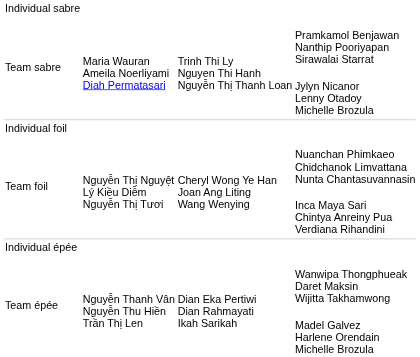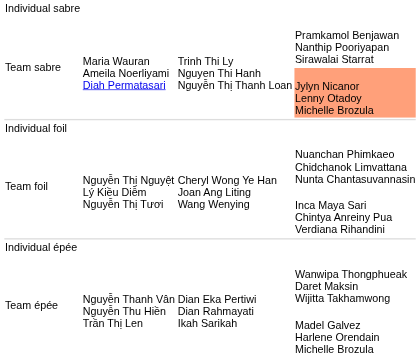 <table>
 <tr>
 <td rowspan=2>Individual sabre</td>
 <td rowspan=2 nowrap=true></td>
 <td rowspan=2></td>
 <td></td>
 </tr>
 <tr>
 <td></td>
 </tr>
 <tr>
 <td rowspan=2>Team sabre</td>
 <td rowspan=2><br>Maria Wauran<br>Ameila Noerliyami<br><a href='#'>Diah Permatasari</a></td>
 <td rowspan=2 nowrap=true><br>Trinh Thi Ly<br>Nguyen Thi Hanh<br>Nguyễn Thị Thanh Loan</td>
 <td><br>Pramkamol Benjawan<br>Nanthip Pooriyapan<br>Sirawalai Starrat</td>
 </tr>
 <tr>
-<td><br>Jylyn Nicanor<br>Lenny Otadoy<br>Michelle Brozula</td>
+<td style="background: lightsalmon;"><br>Jylyn Nicanor<br>Lenny Otadoy<br>Michelle Brozula</td>
 </tr>
 <tr bgcolor=#DDDDDD>
 <td colspan=4></td>
 </tr>
 <tr>
 <td rowspan=2>Individual foil</td>
 <td rowspan=2></td>
 <td rowspan=2></td>
 <td></td>
 </tr>
 <tr>
 <td></td>
 </tr>
 <tr>
 <td rowspan=2>Team foil</td>
 <td rowspan=2><br>Nguyễn Thị Nguyệt<br>Lý Kiều Diễm<br>Nguyễn Thị Tươi</td>
 <td rowspan=2><br>Cheryl Wong Ye Han<br>Joan Ang Liting<br>Wang Wenying</td>
 <td nowrap=true><br>Nuanchan Phimkaeo<br>Chidchanok Limvattana<br>Nunta Chantasuvannasin</td>
 </tr>
 <tr>
 <td><br>Inca Maya Sari<br>Chintya Anreiny Pua<br>Verdiana Rihandini</td>
 </tr>
 <tr bgcolor=#DDDDDD>
 <td colspan=4></td>
 </tr>
 <tr>
 <td rowspan=2>Individual épée</td>
 <td rowspan=2></td>
 <td rowspan=2></td>
 <td></td>
 </tr>
 <tr>
 <td></td>
 </tr>
 <tr>
 <td rowspan=2>Team épée</td>
 <td rowspan=2><br>Nguyễn Thanh Vân<br>Nguyễn Thu Hiền<br>Trần Thị Len</td>
 <td rowspan=2><br>Dian Eka Pertiwi<br>Dian Rahmayati<br>Ikah Sarikah</td>
 <td><br>Wanwipa Thongphueak<br>Daret Maksin<br>Wijitta Takhamwong</td>
 </tr>
 <tr>
 <td><br>Madel Galvez<br>Harlene Orendain<br>Michelle Brozula</td>
 </tr>
 </table>
